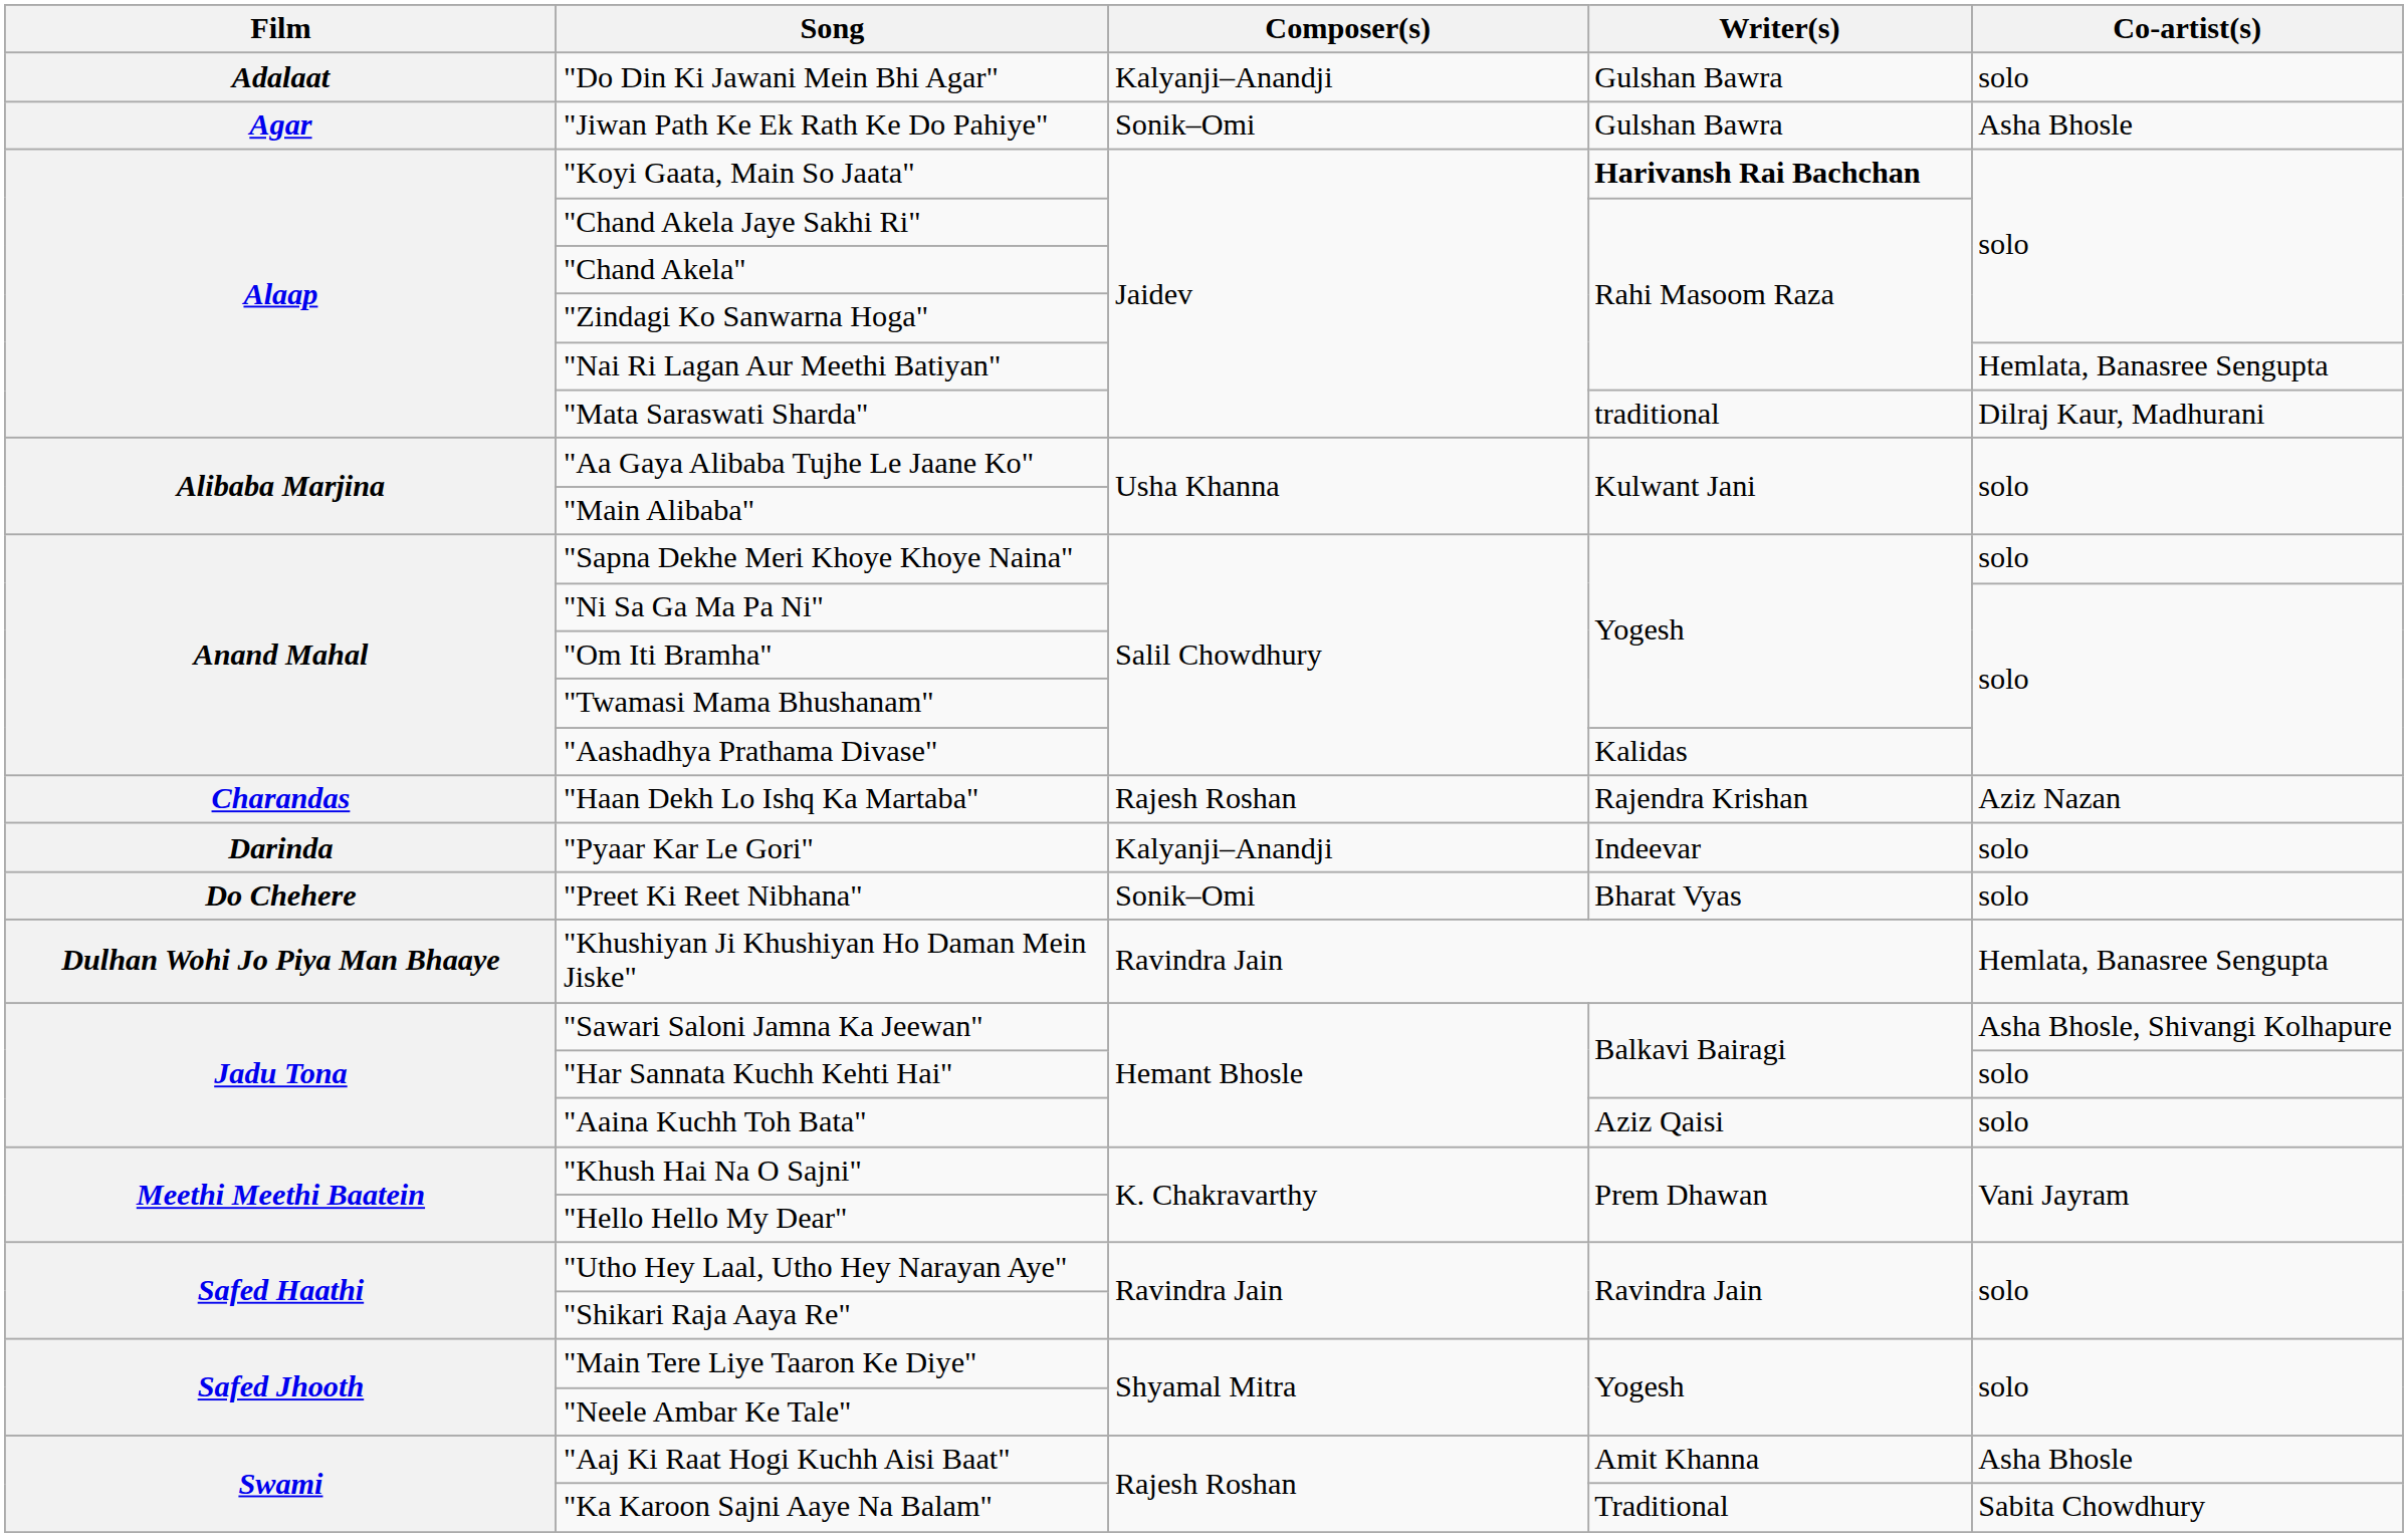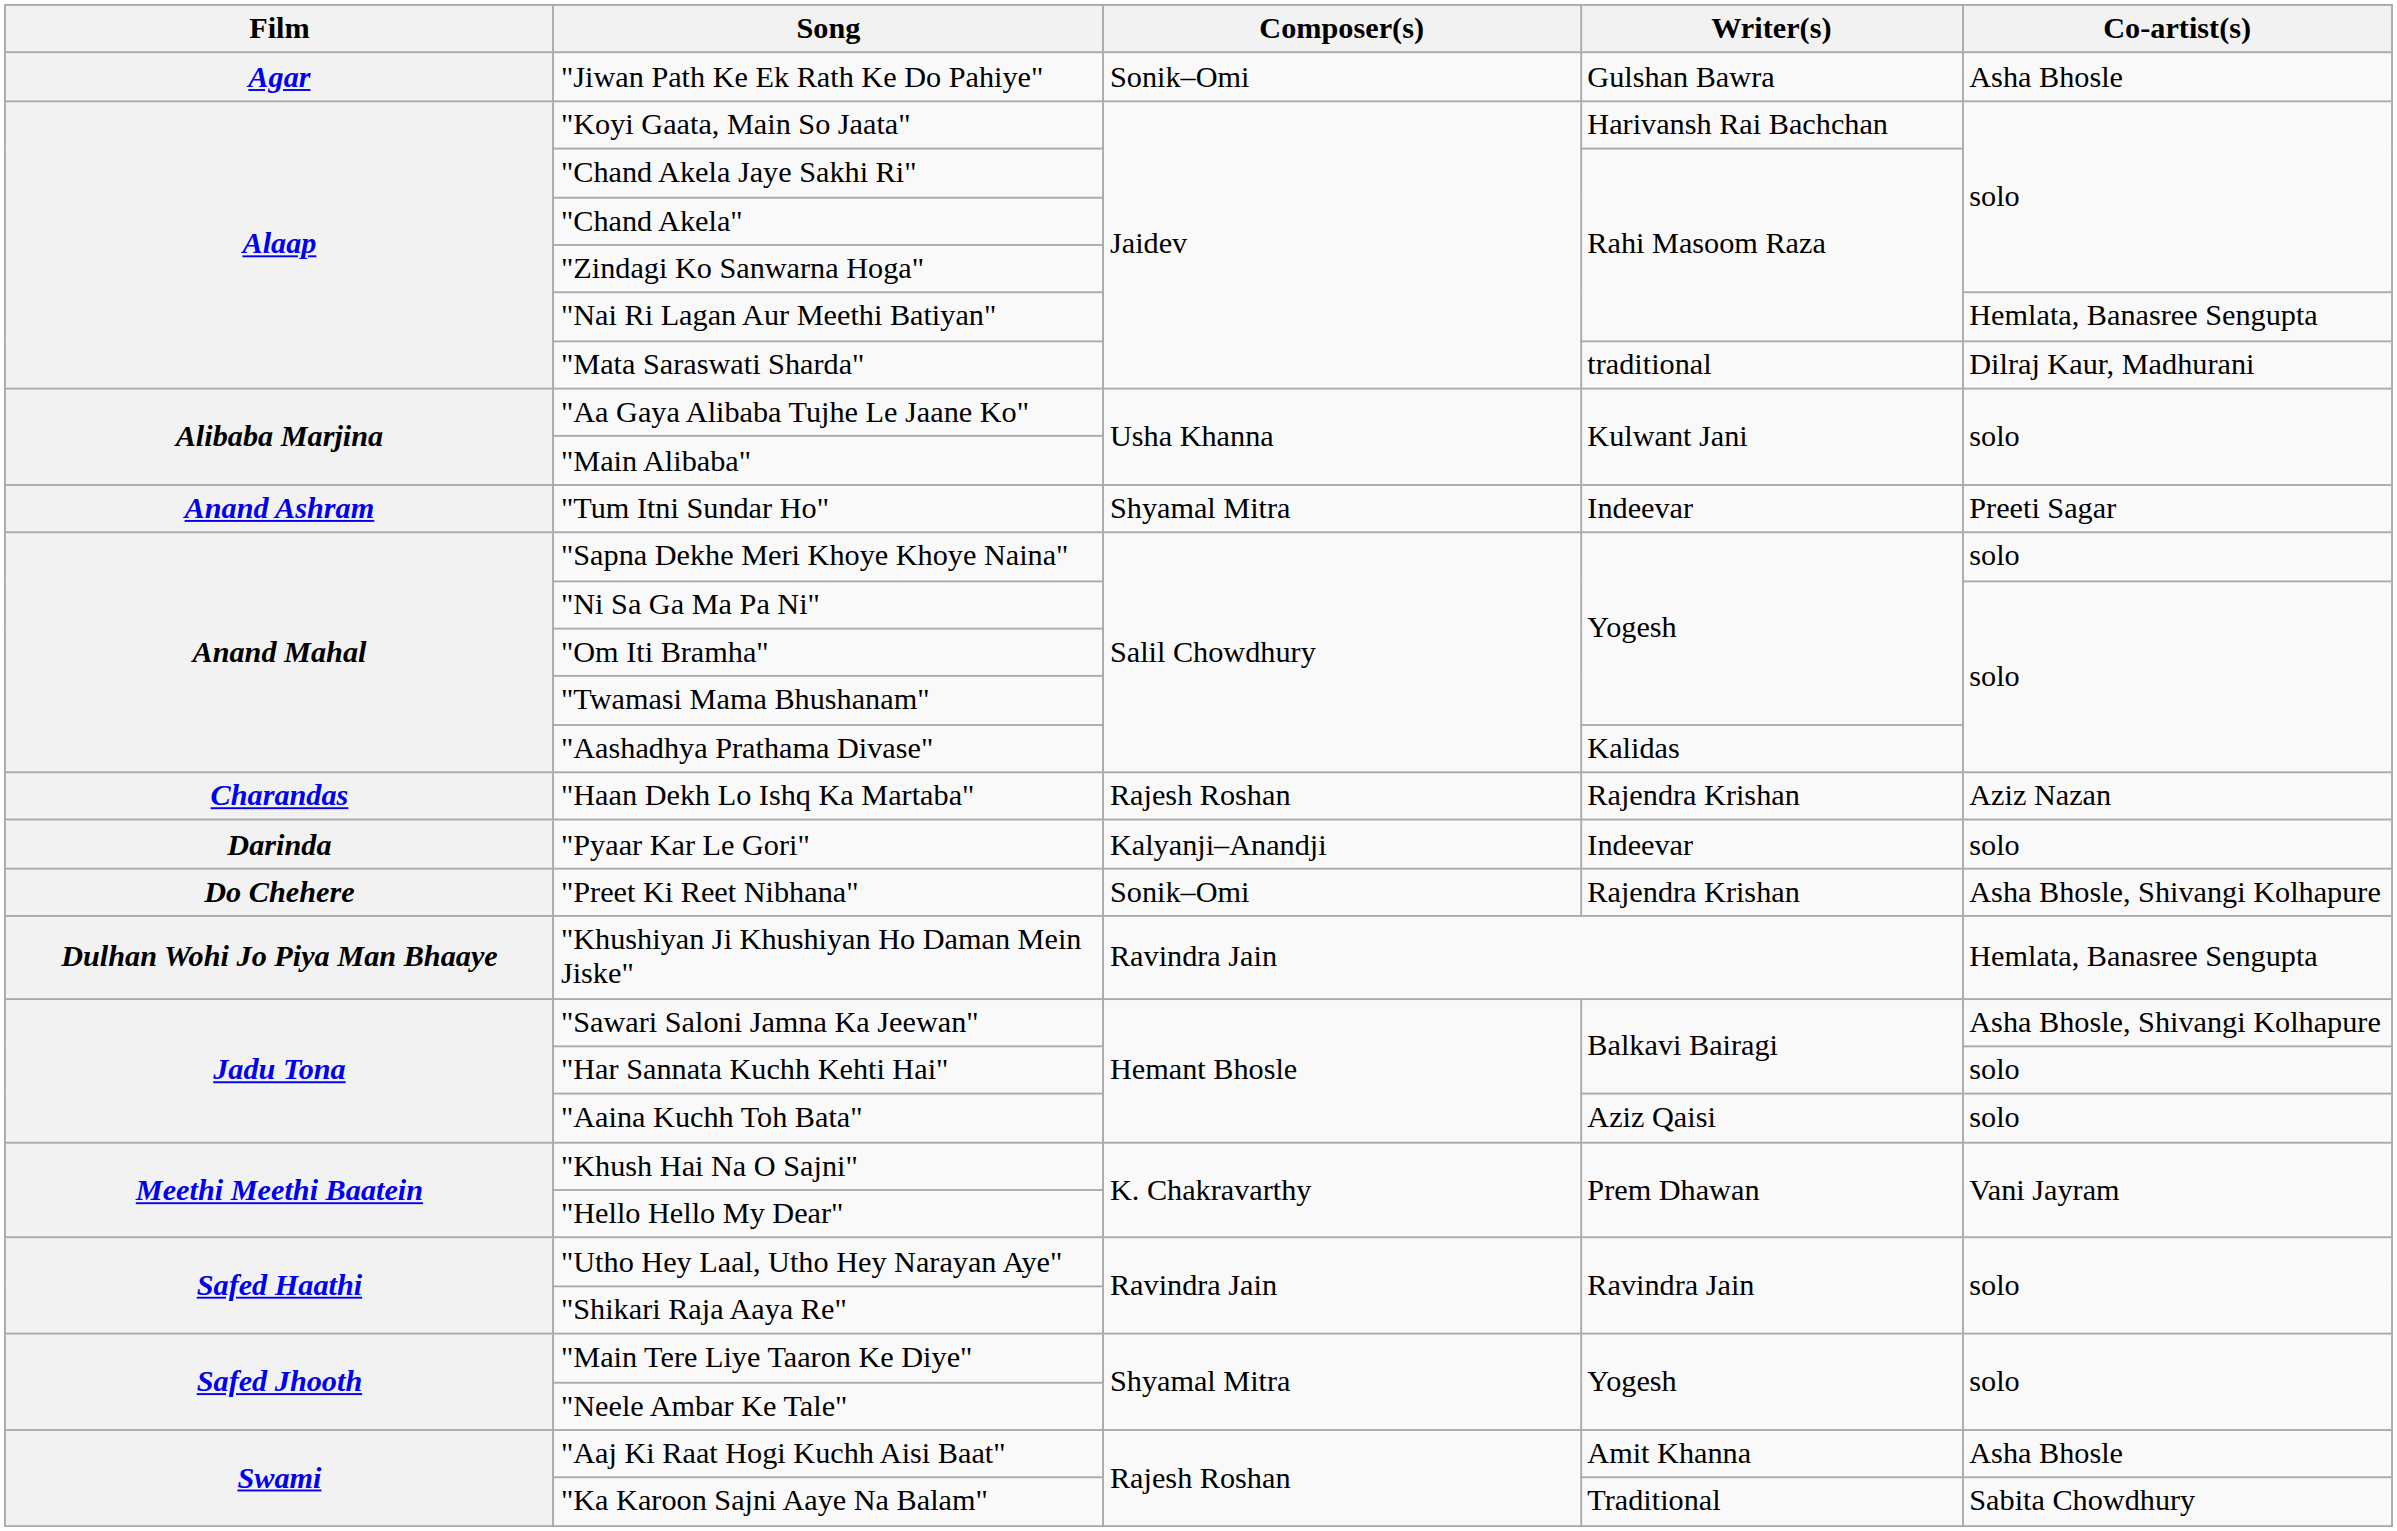 <table class="wikitable plainrowheaders" style="width:100%;" textcolor:#000;">
 <tr style="background:#b0e0e66;">
 <th scope="col" style="width:23%;"><strong>Film</strong></th>
 <th scope="col" style="width:23%;"><strong>Song</strong></th>
 <th scope="col" style="width:20%;"><strong>Composer(s)</strong></th>
 <th scope="col" style="width:16%;"><strong>Writer(s)</strong></th>
 <th scope="col" style="width:18%;"><strong>Co-artist(s)</strong></th>
-</tr>
-<tr>
-<th><em>Adalaat</em></th>
-<td>"Do Din Ki Jawani Mein Bhi Agar"</td>
-<td>Kalyanji–Anandji</td>
-<td>Gulshan Bawra</td>
-<td>solo</td>
 </tr>
 <tr>
 <th rowspan="1"><em><a href='#'>Agar</a></em></th>
 <td>"Jiwan Path Ke Ek Rath Ke Do Pahiye"</td>
 <td rowspan="1">Sonik–Omi</td>
 <td rowspan="1">Gulshan Bawra</td>
 <td>Asha Bhosle</td>
 </tr>
 <tr>
 <th Rowspan=6><em><a href='#'>Alaap</a></em></th>
 <td>"Koyi Gaata,  Main So Jaata"</td>
 <td rowspan=6>Jaidev</td>
-<td><strong>Harivansh Rai Bachchan</strong></td>
+<td>Harivansh Rai Bachchan</td>
 <td rowspan=4>solo</td>
 </tr>
 <tr>
 <td>"Chand Akela Jaye Sakhi Ri"</td>
 <td rowspan=4>Rahi Masoom Raza</td>
 </tr>
 <tr>
 <td>"Chand Akela"</td>
 </tr>
 <tr>
 <td>"Zindagi Ko Sanwarna Hoga"</td>
 </tr>
 <tr>
 <td>"Nai Ri Lagan Aur Meethi Batiyan"</td>
 <td>Hemlata, Banasree Sengupta</td>
 </tr>
 <tr>
 <td>"Mata Saraswati Sharda"</td>
 <td>traditional</td>
 <td>Dilraj Kaur, Madhurani</td>
 </tr>
 <tr>
 <th rowspan=2><em>Alibaba Marjina</em></th>
 <td>"Aa Gaya Alibaba Tujhe Le Jaane Ko"</td>
 <td rowspan=2>Usha Khanna</td>
 <td rowspan=2>Kulwant Jani</td>
 <td rowspan=2>solo</td>
 </tr>
 <tr>
 <td>"Main Alibaba"</td>
+</tr>
+<tr>
+<th><em><a href='#'>Anand Ashram</a></em></th>
+<td>"Tum Itni Sundar Ho"</td>
+<td>Shyamal Mitra</td>
+<td>Indeevar</td>
+<td>Preeti Sagar</td>
 </tr>
 <tr>
 <th Rowspan=5><em>Anand Mahal</em></th>
 <td>"Sapna Dekhe Meri Khoye Khoye Naina"</td>
 <td Rowspan=5>Salil Chowdhury</td>
 <td rowspan=4>Yogesh</td>
 <td>solo</td>
 </tr>
 <tr>
 <td>"Ni Sa Ga Ma Pa Ni"</td>
 <td rowspan=4>solo</td>
 </tr>
 <tr>
 <td>"Om Iti Bramha"</td>
 </tr>
 <tr>
 <td>"Twamasi Mama Bhushanam"</td>
 </tr>
 <tr>
 <td>"Aashadhya Prathama Divase"</td>
 <td>Kalidas</td>
 </tr>
 <tr>
 <th><em><a href='#'>Charandas</a></em></th>
 <td>"Haan Dekh Lo Ishq Ka Martaba"</td>
 <td>Rajesh Roshan</td>
 <td>Rajendra Krishan</td>
 <td>Aziz Nazan</td>
 </tr>
 <tr>
 <th><em>Darinda</em></th>
 <td>"Pyaar Kar Le Gori"</td>
 <td>Kalyanji–Anandji</td>
 <td>Indeevar</td>
 <td>solo</td>
 </tr>
 <tr>
 <th><em>Do Chehere</em></th>
 <td>"Preet Ki Reet Nibhana"</td>
 <td>Sonik–Omi</td>
-<td>Bharat Vyas</td>
-<td>solo</td>
+<td>Rajendra Krishan</td>
+<td>Asha Bhosle, Shivangi Kolhapure</td>
 </tr>
 <tr>
 <th><em>Dulhan Wohi Jo Piya Man Bhaaye</em></th>
 <td>"Khushiyan Ji Khushiyan Ho Daman Mein Jiske"</td>
 <td colspan=2>Ravindra Jain</td>
 <td>Hemlata, Banasree Sengupta</td>
 </tr>
 <tr>
 <th Rowspan=3><em><a href='#'>Jadu Tona</a></em></th>
 <td>"Sawari Saloni Jamna Ka Jeewan"</td>
 <td rowspan=3>Hemant Bhosle</td>
 <td rowspan=2>Balkavi Bairagi</td>
 <td>Asha Bhosle, Shivangi Kolhapure</td>
 </tr>
 <tr>
 <td>"Har Sannata Kuchh Kehti Hai"</td>
 <td>solo</td>
 </tr>
 <tr>
 <td>"Aaina Kuchh Toh Bata"</td>
 <td>Aziz Qaisi</td>
 <td>solo</td>
 </tr>
 <tr>
 <th Rowspan=2><em><a href='#'>Meethi Meethi Baatein</a></em></th>
 <td>"Khush Hai Na O Sajni"</td>
 <td rowspan=2>K. Chakravarthy</td>
 <td Rowspan=2>Prem Dhawan</td>
 <td rowspan=2>Vani Jayram</td>
 </tr>
 <tr>
 <td>"Hello Hello My Dear"</td>
 </tr>
 <tr>
 <th Rowspan=2><em><a href='#'>Safed Haathi</a></em></th>
 <td>"Utho Hey Laal, Utho Hey Narayan Aye"</td>
 <td Rowspan=2>Ravindra Jain</td>
 <td Rowspan=2>Ravindra Jain</td>
 <td rowspan=2>solo</td>
 </tr>
 <tr>
 <td>"Shikari Raja Aaya Re"</td>
 </tr>
 <tr>
 <th Rowspan=2><em><a href='#'>Safed Jhooth</a></em></th>
 <td>"Main Tere Liye Taaron Ke Diye"</td>
 <td rowspan=2>Shyamal Mitra</td>
 <td Rowspan=2>Yogesh</td>
 <td rowspan=2>solo</td>
 </tr>
 <tr>
 <td>"Neele Ambar Ke Tale"</td>
 </tr>
 <tr>
 <th rowspan=2><em><a href='#'>Swami</a></em></th>
 <td>"Aaj Ki Raat Hogi Kuchh Aisi Baat"</td>
 <td rowspan=2>Rajesh Roshan</td>
 <td>Amit Khanna</td>
 <td>Asha Bhosle</td>
 </tr>
 <tr>
 <td>"Ka Karoon Sajni Aaye Na Balam"</td>
 <td>Traditional</td>
 <td>Sabita Chowdhury</td>
 </tr>
 <tr>
 </tr>
 </table>
